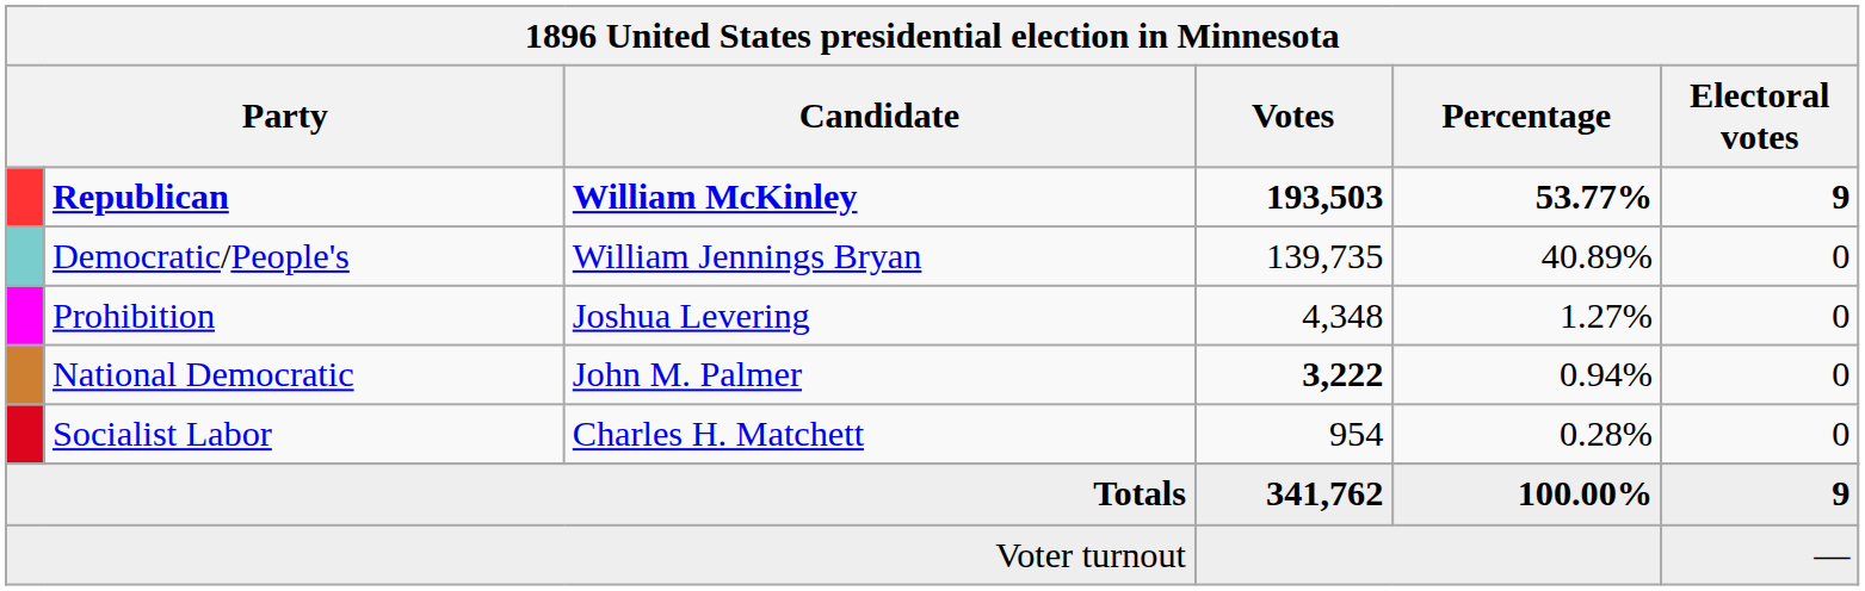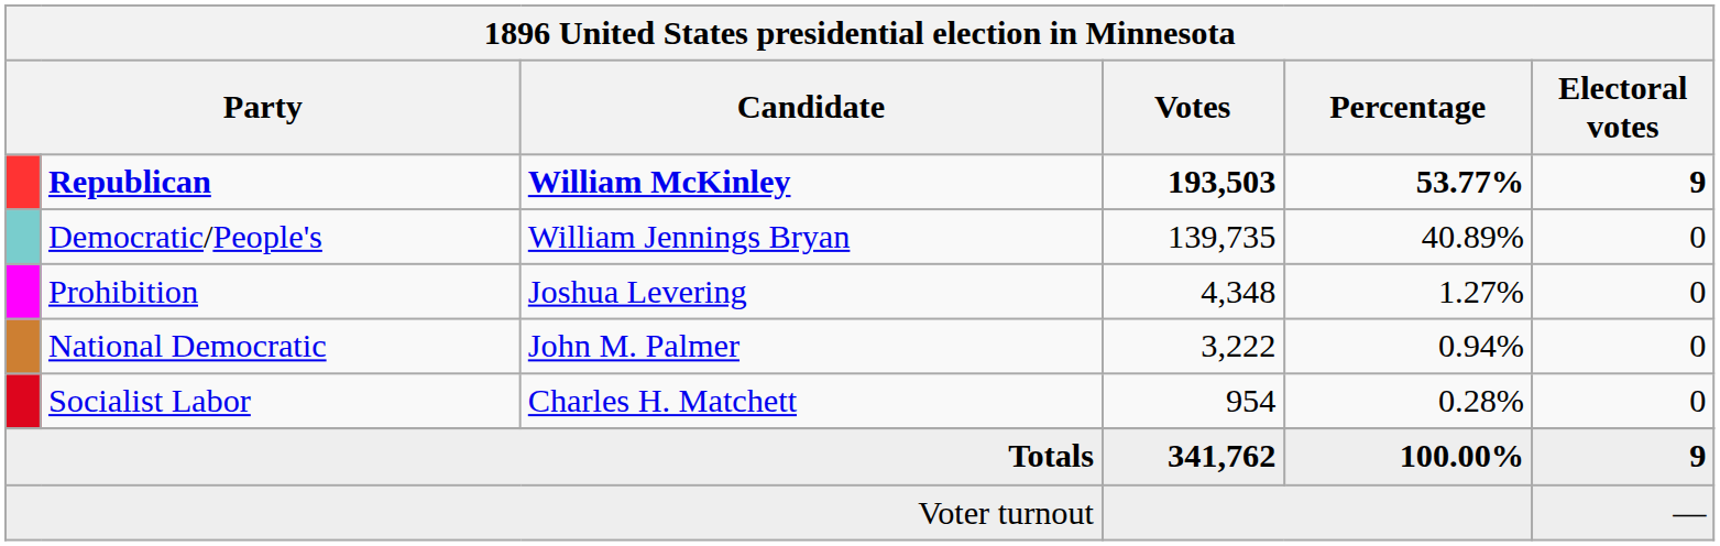 <table class="wikitable" style="font-size: 95%;">
 <tr>
 <th colspan="6">1896 United States presidential election in Minnesota</th>
 </tr>
 <tr>
 <th colspan="2" style="width: 15em">Party</th>
 <th style="width: 17em">Candidate</th>
 <th style="width: 5em">Votes</th>
 <th style="width: 7em">Percentage</th>
 <th style="width: 5em">Electoral votes</th>
 </tr>
 <tr>
 <th style="background-color:#FF3333; width: 3px"></th>
 <td style="width: 130px"><strong><a href='#'>Republican</a></strong></td>
 <td><strong><a href='#'>William McKinley</a></strong></td>
 <td align="right"><strong>193,503</strong></td>
 <td align="right"><strong>53.77%</strong></td>
 <td align="right"><strong>9</strong></td>
 </tr>
 <tr>
 <th style="background-color:#79CDCD; width: 3px"></th>
 <td style="width: 130px"><a href='#'>Democratic</a>/<a href='#'>People's</a></td>
 <td><a href='#'>William Jennings Bryan</a></td>
 <td align="right">139,735</td>
 <td align="right">40.89%</td>
 <td align="right">0</td>
 </tr>
 <tr>
 <th style="background-color:#FF00FF; width: 3px"></th>
 <td style="width: 130px"><a href='#'>Prohibition</a></td>
 <td><a href='#'>Joshua Levering</a></td>
 <td align="right">4,348</td>
 <td align="right">1.27%</td>
 <td align="right">0</td>
 </tr>
 <tr>
 <th style="background-color:#CD7F32; width: 3px"></th>
 <td style="width: 130px"><a href='#'>National Democratic</a></td>
 <td><a href='#'>John M. Palmer</a></td>
-<td align="right"><strong>3,222</strong></td>
+<td align="right">3,222</td>
 <td align="right">0.94%</td>
 <td align="right">0</td>
 </tr>
 <tr>
 <th style="background-color:#DD051D; width: 3px"></th>
 <td style="width: 130px"><a href='#'>Socialist Labor</a></td>
 <td><a href='#'>Charles H. Matchett</a></td>
 <td align="right">954</td>
 <td align="right">0.28%</td>
 <td align="right">0</td>
 </tr>
 <tr>
 </tr>
 <tr bgcolor="#EEEEEE">
 <td colspan="3" align="right"><strong>Totals</strong></td>
 <td align="right"><strong>341,762</strong></td>
 <td align="right"><strong>100.00%</strong></td>
 <td align="right"><strong>9</strong></td>
 </tr>
 <tr bgcolor="#EEEEEE">
 <td colspan="3" align="right">Voter turnout</td>
 <td colspan="2" align="right"></td>
 <td align="right">—</td>
 </tr>
 </table>
